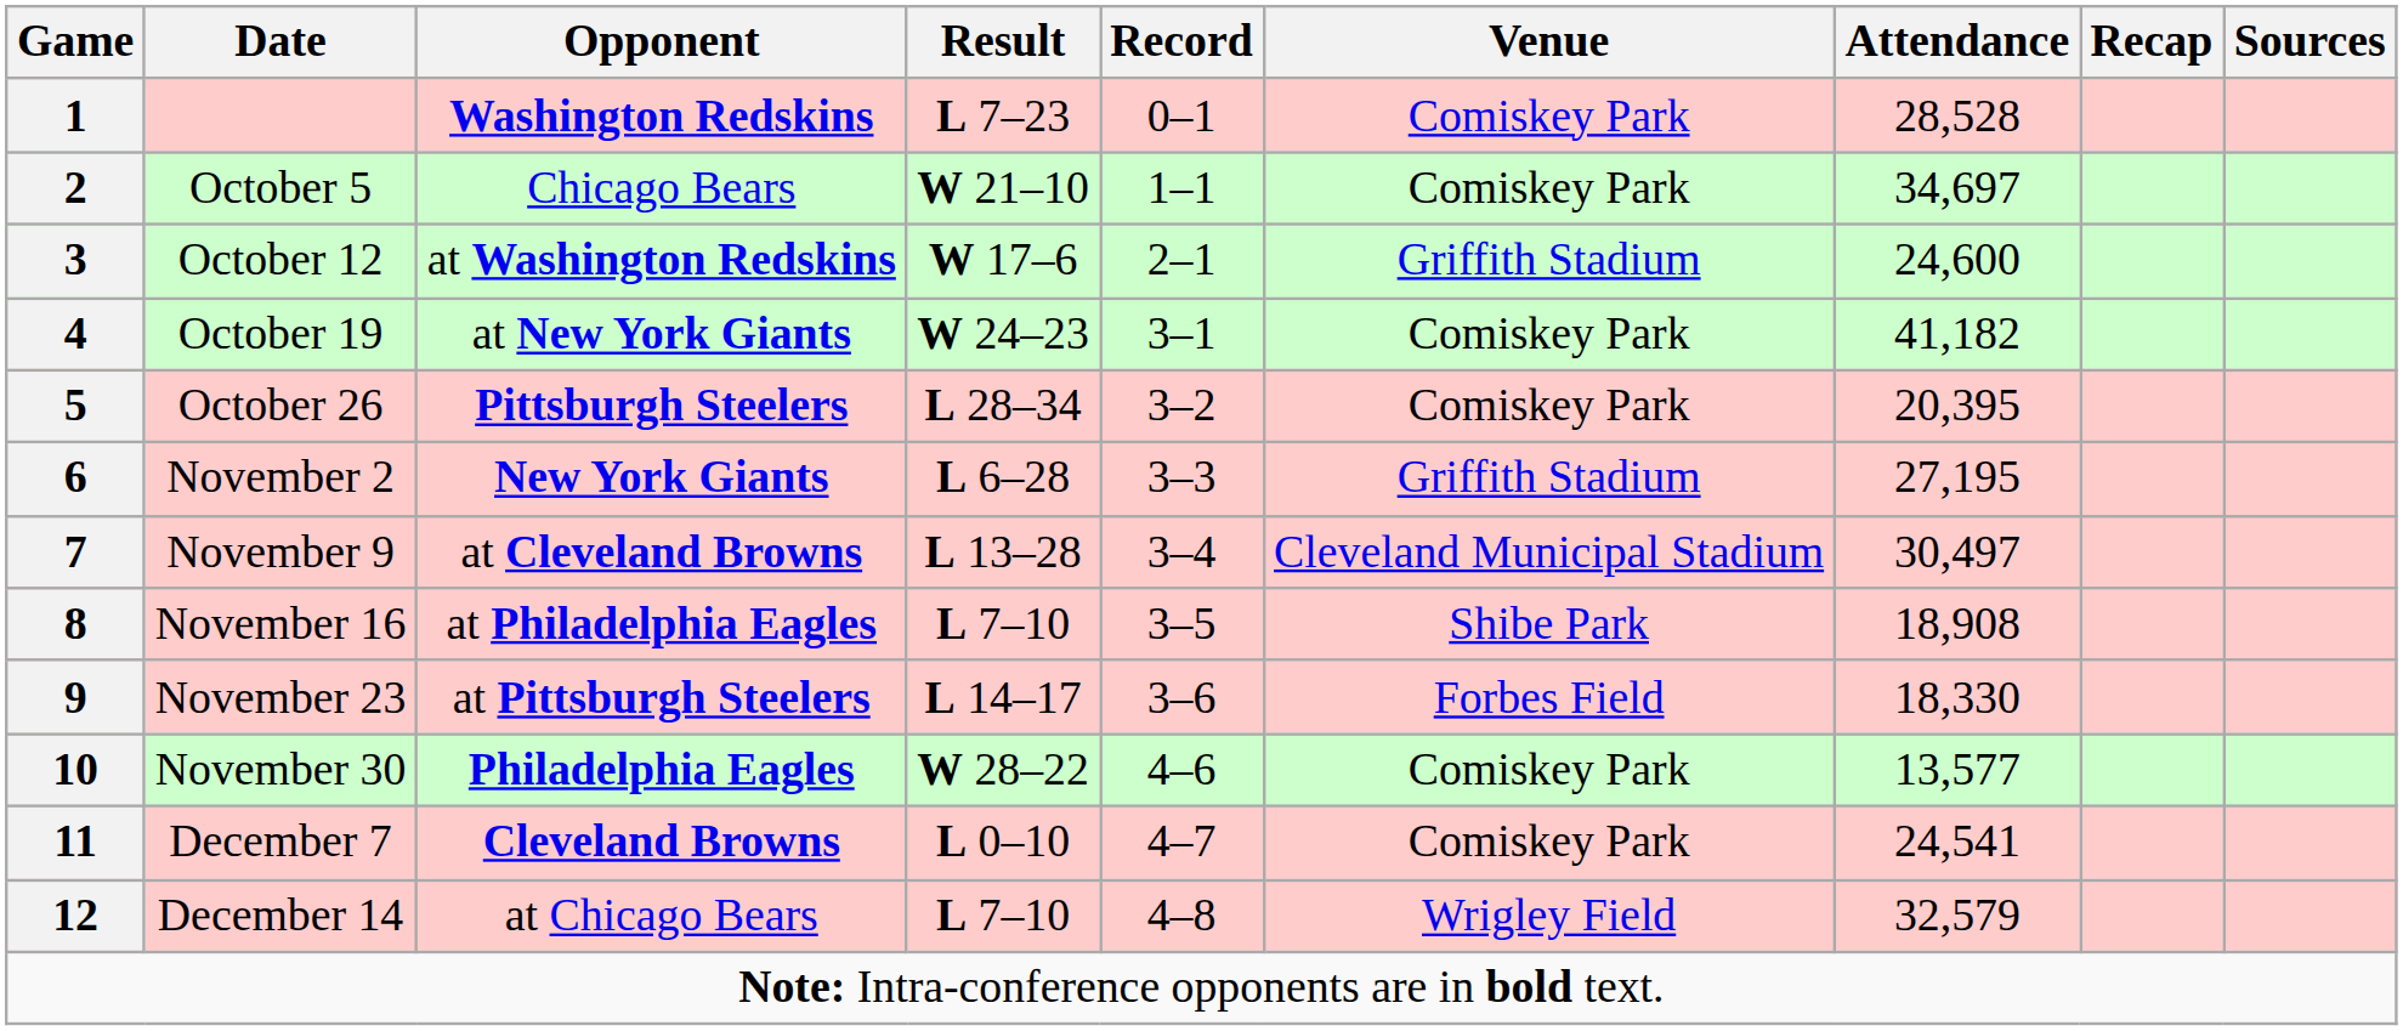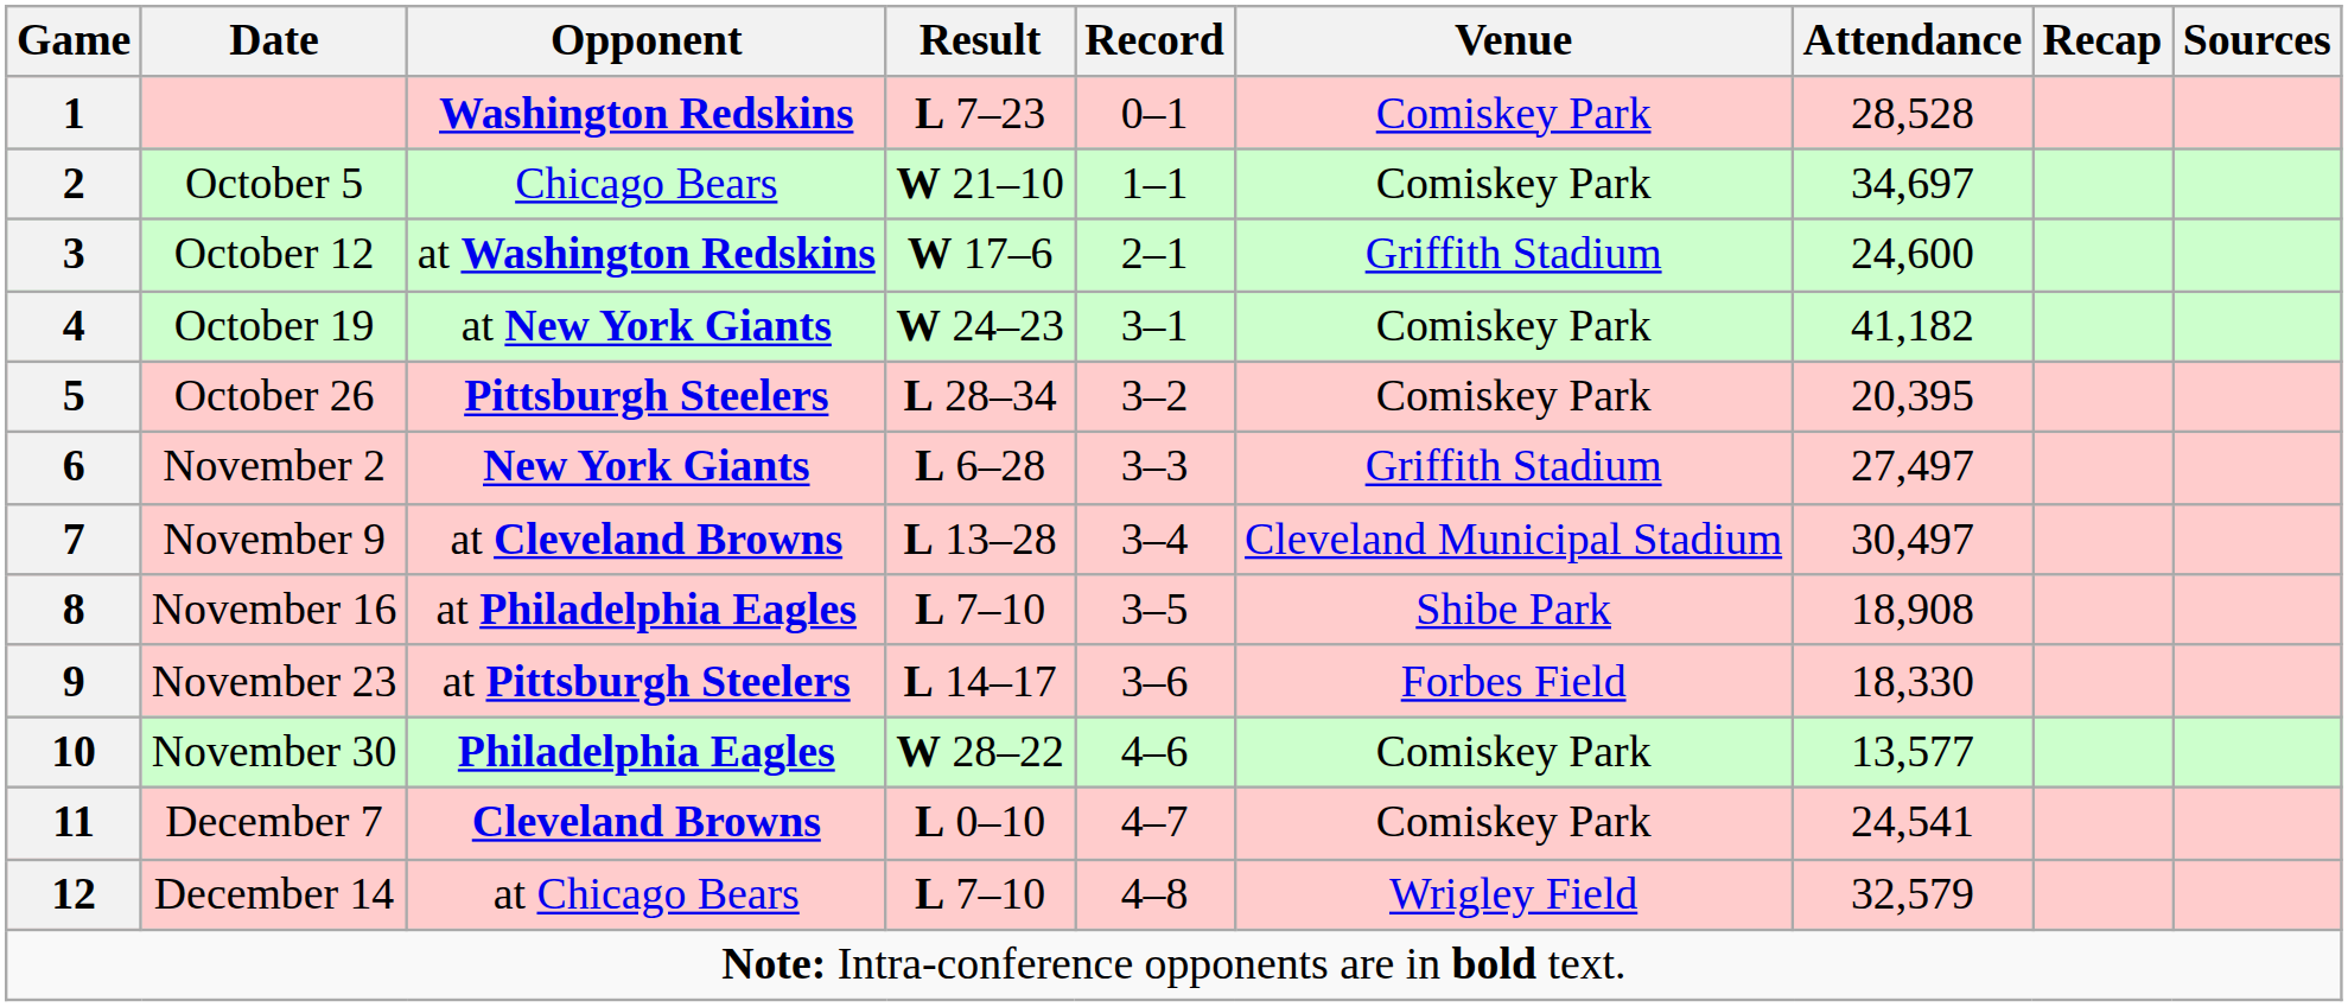 <table class="wikitable" style="text-align:center">
 <tr>
 <th>Game</th>
 <th>Date</th>
 <th>Opponent</th>
 <th>Result</th>
 <th>Record</th>
 <th>Venue</th>
 <th>Attendance</th>
 <th>Recap</th>
 <th>Sources</th>
 </tr>
 <tr style="background:#fcc">
 <th>1</th>
 <td></td>
 <td><strong><a href='#'>Washington Redskins</a></strong></td>
 <td><strong>L</strong> 7–23</td>
 <td>0–1</td>
 <td><a href='#'>Comiskey Park</a></td>
 <td>28,528</td>
 <td></td>
 <td></td>
 </tr>
 <tr style="background:#cfc">
 <th>2</th>
 <td>October 5</td>
 <td><a href='#'>Chicago Bears</a></td>
 <td><strong>W</strong> 21–10</td>
 <td>1–1</td>
 <td>Comiskey Park</td>
 <td>34,697</td>
 <td></td>
 <td></td>
 </tr>
 <tr style="background:#cfc">
 <th>3</th>
 <td>October 12</td>
 <td>at <strong><a href='#'>Washington Redskins</a></strong></td>
 <td><strong>W</strong> 17–6</td>
 <td>2–1</td>
 <td><a href='#'>Griffith Stadium</a></td>
 <td>24,600</td>
 <td></td>
 <td></td>
 </tr>
 <tr style="background:#cfc">
 <th>4</th>
 <td>October 19</td>
 <td>at <strong><a href='#'>New York Giants</a></strong></td>
 <td><strong>W</strong> 24–23</td>
 <td>3–1</td>
 <td>Comiskey Park</td>
 <td>41,182</td>
 <td></td>
 <td></td>
 </tr>
 <tr style="background:#fcc">
 <th>5</th>
 <td>October 26</td>
 <td><strong><a href='#'>Pittsburgh Steelers</a></strong></td>
 <td><strong>L</strong> 28–34</td>
 <td>3–2</td>
 <td>Comiskey Park</td>
 <td>20,395</td>
 <td></td>
 <td></td>
 </tr>
 <tr style="background:#fcc">
 <th>6</th>
 <td>November 2</td>
 <td><strong><a href='#'>New York Giants</a></strong></td>
 <td><strong>L</strong> 6–28</td>
 <td>3–3</td>
 <td><a href='#'>Griffith Stadium</a></td>
-<td>27,195</td>
+<td>27,497</td>
 <td></td>
 <td></td>
 </tr>
 <tr style="background:#fcc">
 <th>7</th>
 <td>November 9</td>
 <td>at <strong><a href='#'>Cleveland Browns</a></strong></td>
 <td><strong>L</strong> 13–28</td>
 <td>3–4</td>
 <td><a href='#'>Cleveland Municipal Stadium</a></td>
 <td>30,497</td>
 <td></td>
 <td></td>
 </tr>
 <tr style="background:#fcc">
 <th>8</th>
 <td>November 16</td>
 <td>at <strong><a href='#'>Philadelphia Eagles</a></strong></td>
 <td><strong>L</strong> 7–10</td>
 <td>3–5</td>
 <td><a href='#'>Shibe Park</a></td>
 <td>18,908</td>
 <td></td>
 <td></td>
 </tr>
 <tr style="background:#fcc">
 <th>9</th>
 <td>November 23</td>
 <td>at <strong><a href='#'>Pittsburgh Steelers</a></strong></td>
 <td><strong>L</strong> 14–17</td>
 <td>3–6</td>
 <td><a href='#'>Forbes Field</a></td>
 <td>18,330</td>
 <td></td>
 <td></td>
 </tr>
 <tr style="background:#cfc">
 <th>10</th>
 <td>November 30</td>
 <td><strong><a href='#'>Philadelphia Eagles</a></strong></td>
 <td><strong>W</strong> 28–22</td>
 <td>4–6</td>
 <td>Comiskey Park</td>
 <td>13,577</td>
 <td></td>
 <td></td>
 </tr>
 <tr style="background:#fcc">
 <th>11</th>
 <td>December 7</td>
 <td><strong><a href='#'>Cleveland Browns</a></strong></td>
 <td><strong>L</strong> 0–10</td>
 <td>4–7</td>
 <td>Comiskey Park</td>
 <td>24,541</td>
 <td></td>
 <td></td>
 </tr>
 <tr style="background:#fcc">
 <th>12</th>
 <td>December 14</td>
 <td>at <a href='#'>Chicago Bears</a></td>
 <td><strong>L</strong> 7–10</td>
 <td>4–8</td>
 <td><a href='#'>Wrigley Field</a></td>
 <td>32,579</td>
 <td></td>
 <td></td>
 </tr>
 <tr>
 <td colspan="10"><strong>Note:</strong> Intra-conference opponents are in <strong>bold</strong> text.</td>
 </tr>
 </table>
